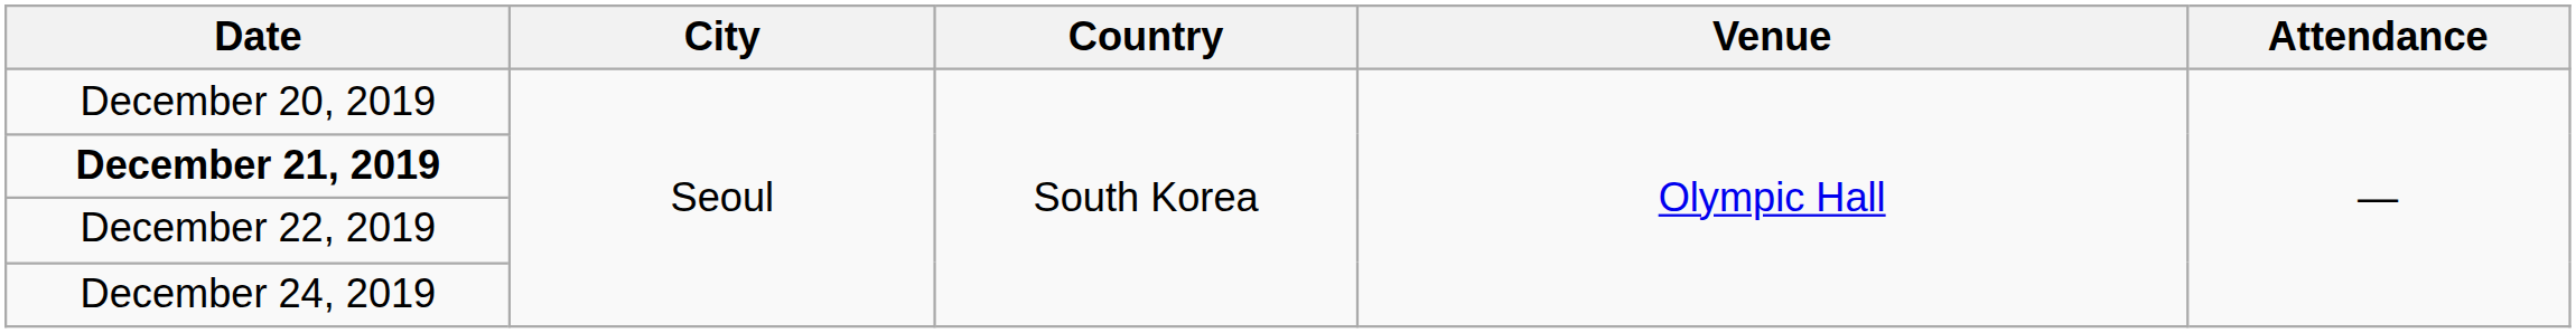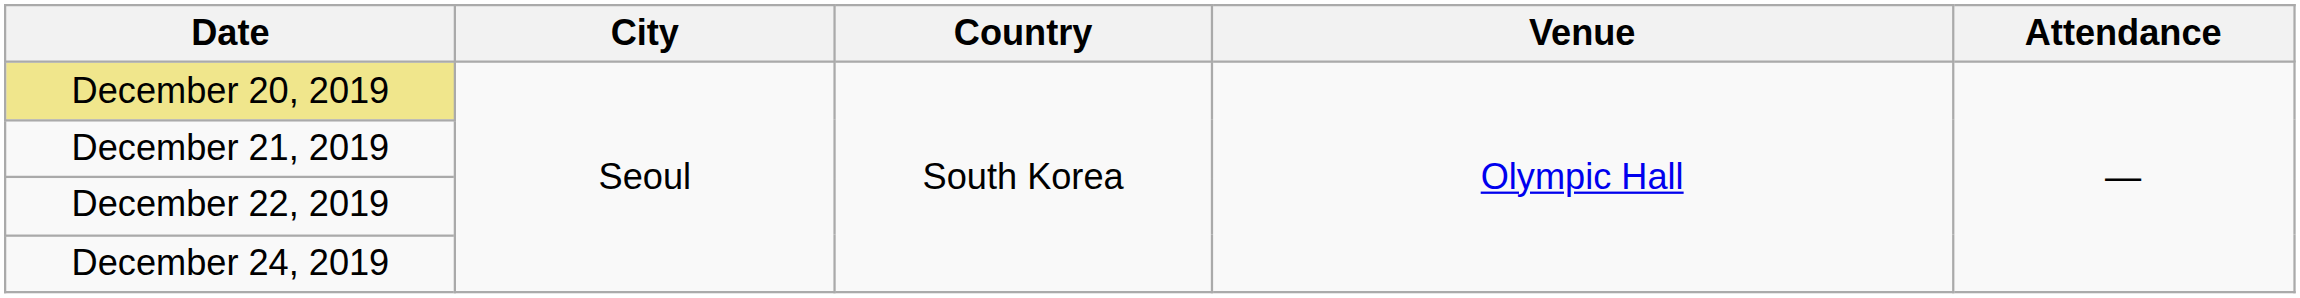 <table class="wikitable" style="text-align:center;">
 <tr>
 <th scope="col" style="width:12em">Date</th>
 <th scope="col" style="width:10em">City</th>
 <th scope="col" style="width:10em">Country</th>
 <th scope="col" style="width:20em">Venue</th>
 <th scope="col" style="width:9em">Attendance</th>
 </tr>
 <tr>
-<td>December 20, 2019</td>
+<td style="background: khaki;">December 20, 2019</td>
 <td rowspan=4>Seoul</td>
 <td rowspan=4>South Korea</td>
 <td rowspan=4><a href='#'>Olympic Hall</a></td>
 <td rowspan=4>—</td>
 </tr>
 <tr>
-<td><strong>December 21, 2019</strong></td>
+<td>December 21, 2019</td>
 </tr>
 <tr>
 <td>December 22, 2019</td>
 </tr>
 <tr>
 <td>December 24, 2019</td>
 </tr>
 </table>
